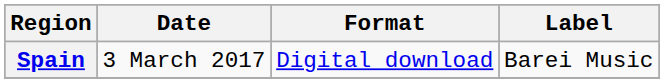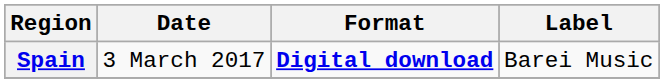 <table class="wikitable sortable plainrowheaders" style="text-align:center">
 <tr>
 <th>Region</th>
 <th>Date</th>
 <th>Format</th>
 <th>Label</th>
 </tr>
 <tr>
 <th scope="row"><a href='#'>Spain</a></th>
 <td>3 March 2017</td>
-<td><a href='#'>Digital download</a></td>
+<td><strong><a href='#'>Digital download</a></strong></td>
 <td>Barei Music</td>
 </tr>
 <tr>
 </tr>
 </table>
